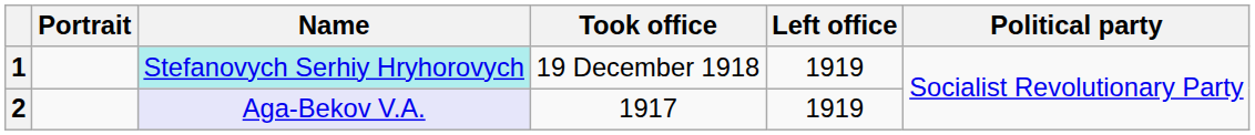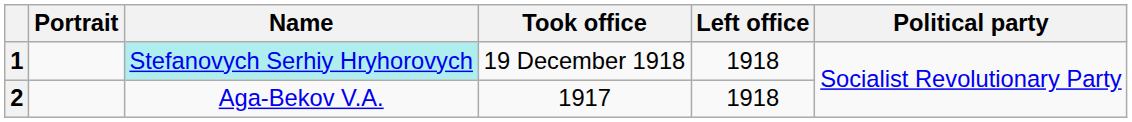 <table class="wikitable" style="text-align:center">
 <tr>
 <th></th>
 <th>Portrait</th>
 <th>Name</th>
 <th>Took office</th>
 <th>Left office</th>
 <th>Political party</th>
 </tr>
 <tr>
 <th style="background:">1</th>
 <td></td>
 <td style="background: paleturquoise;"><a href='#'>Stefanovych Serhiy Hryhorovych</a></td>
 <td>19 December 1918</td>
-<td>1919</td>
+<td>1918</td>
 <td rowspan="2"><a href='#'>Socialist Revolutionary Party</a></td>
 </tr>
 <tr>
 <th style="background:">2</th>
 <td></td>
-<td style="background: lavender;"><a href='#'>Aga-Bekov V.A.</a></td>
+<td><a href='#'>Aga-Bekov V.A.</a></td>
 <td>1917</td>
-<td>1919</td>
+<td>1918</td>
 </tr>
 </table>
